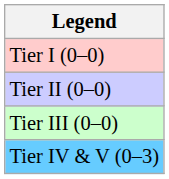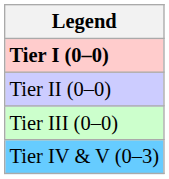 <table class=wikitable style=font-size:95%>
 <tr>
 <th>Legend</th>
 </tr>
 <tr>
-<td bgcolor=ffcccc>Tier I (0–0)</td>
+<td bgcolor=ffcccc><strong>Tier I (0–0)</strong></td>
 </tr>
 <tr>
 <td bgcolor=ccccff>Tier II (0–0)</td>
 </tr>
 <tr>
 <td bgcolor=CCFFCC>Tier III (0–0)</td>
 </tr>
 <tr>
 <td bgcolor=66CCFF>Tier IV & V (0–3)</td>
 </tr>
 </table>
